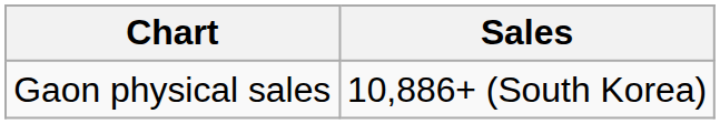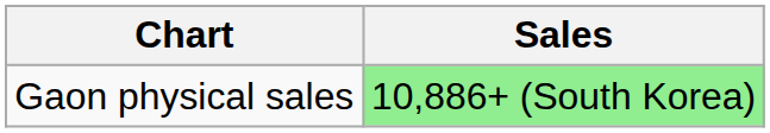 <table class="wikitable">
 <tr>
 <th>Chart</th>
 <th>Sales</th>
 </tr>
 <tr>
 <td>Gaon physical sales</td>
-<td align="center">10,886+ (South Korea)</td>
+<td align="center" style="background: lightgreen;">10,886+ (South Korea)</td>
 </tr>
 </table>
